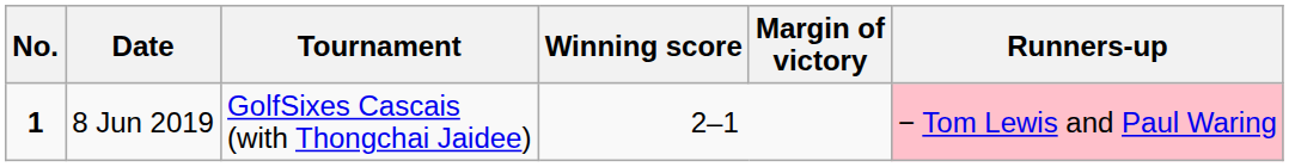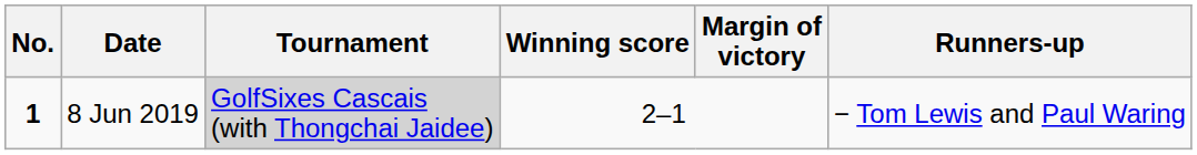 <table class="wikitable" style="font-size:95%;">
 <tr>
 <th>No.</th>
 <th>Date</th>
 <th>Tournament</th>
 <th>Winning score</th>
 <th>Margin of<br>victory</th>
 <th>Runners-up</th>
 </tr>
 <tr>
 <td align=center><strong>1</strong></td>
 <td align=right>8 Jun 2019</td>
-<td><a href='#'>GolfSixes Cascais</a><br>(with  <a href='#'>Thongchai Jaidee</a>)</td>
+<td style="background: lightgrey;"><a href='#'>GolfSixes Cascais</a><br>(with  <a href='#'>Thongchai Jaidee</a>)</td>
 <td colspan="2" style="text-align:center;">2–1</td>
-<td style="background: pink;"> − <a href='#'>Tom Lewis</a> and <a href='#'>Paul Waring</a></td>
+<td> − <a href='#'>Tom Lewis</a> and <a href='#'>Paul Waring</a></td>
 </tr>
 </table>
